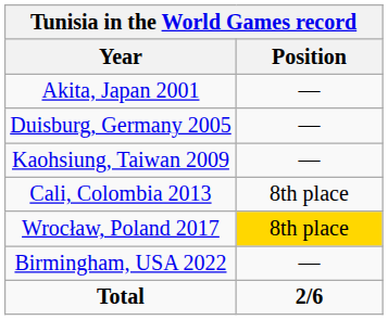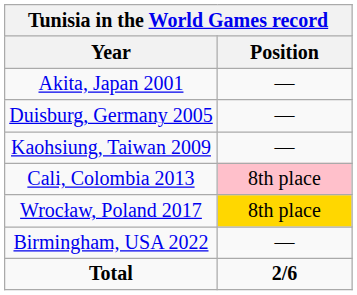 <table class="wikitable" style="text-align: center;">
 <tr>
 <th colspan=2>Tunisia in the <a href='#'>World Games record</a></th>
 </tr>
 <tr>
 <th>Year</th>
 <th width="100">Position</th>
 </tr>
 <tr>
 <td> <a href='#'>Akita, Japan 2001</a></td>
 <td>—</td>
 </tr>
 <tr>
 <td> <a href='#'>Duisburg, Germany 2005</a></td>
 <td>—</td>
 </tr>
 <tr>
 <td> <a href='#'>Kaohsiung, Taiwan 2009</a></td>
 <td>—</td>
 </tr>
 <tr>
 <td> <a href='#'>Cali, Colombia 2013</a></td>
-<td>8th place</td>
+<td style="background: pink;">8th place</td>
 </tr>
 <tr>
 <td> <a href='#'>Wrocław, Poland 2017</a></td>
 <td style="background: gold;">8th place</td>
 </tr>
 <tr>
 <td> <a href='#'>Birmingham, USA 2022</a></td>
 <td>—</td>
 </tr>
 <tr>
 <td><strong>Total</strong></td>
 <td><strong>2/6</strong></td>
 </tr>
 </table>
